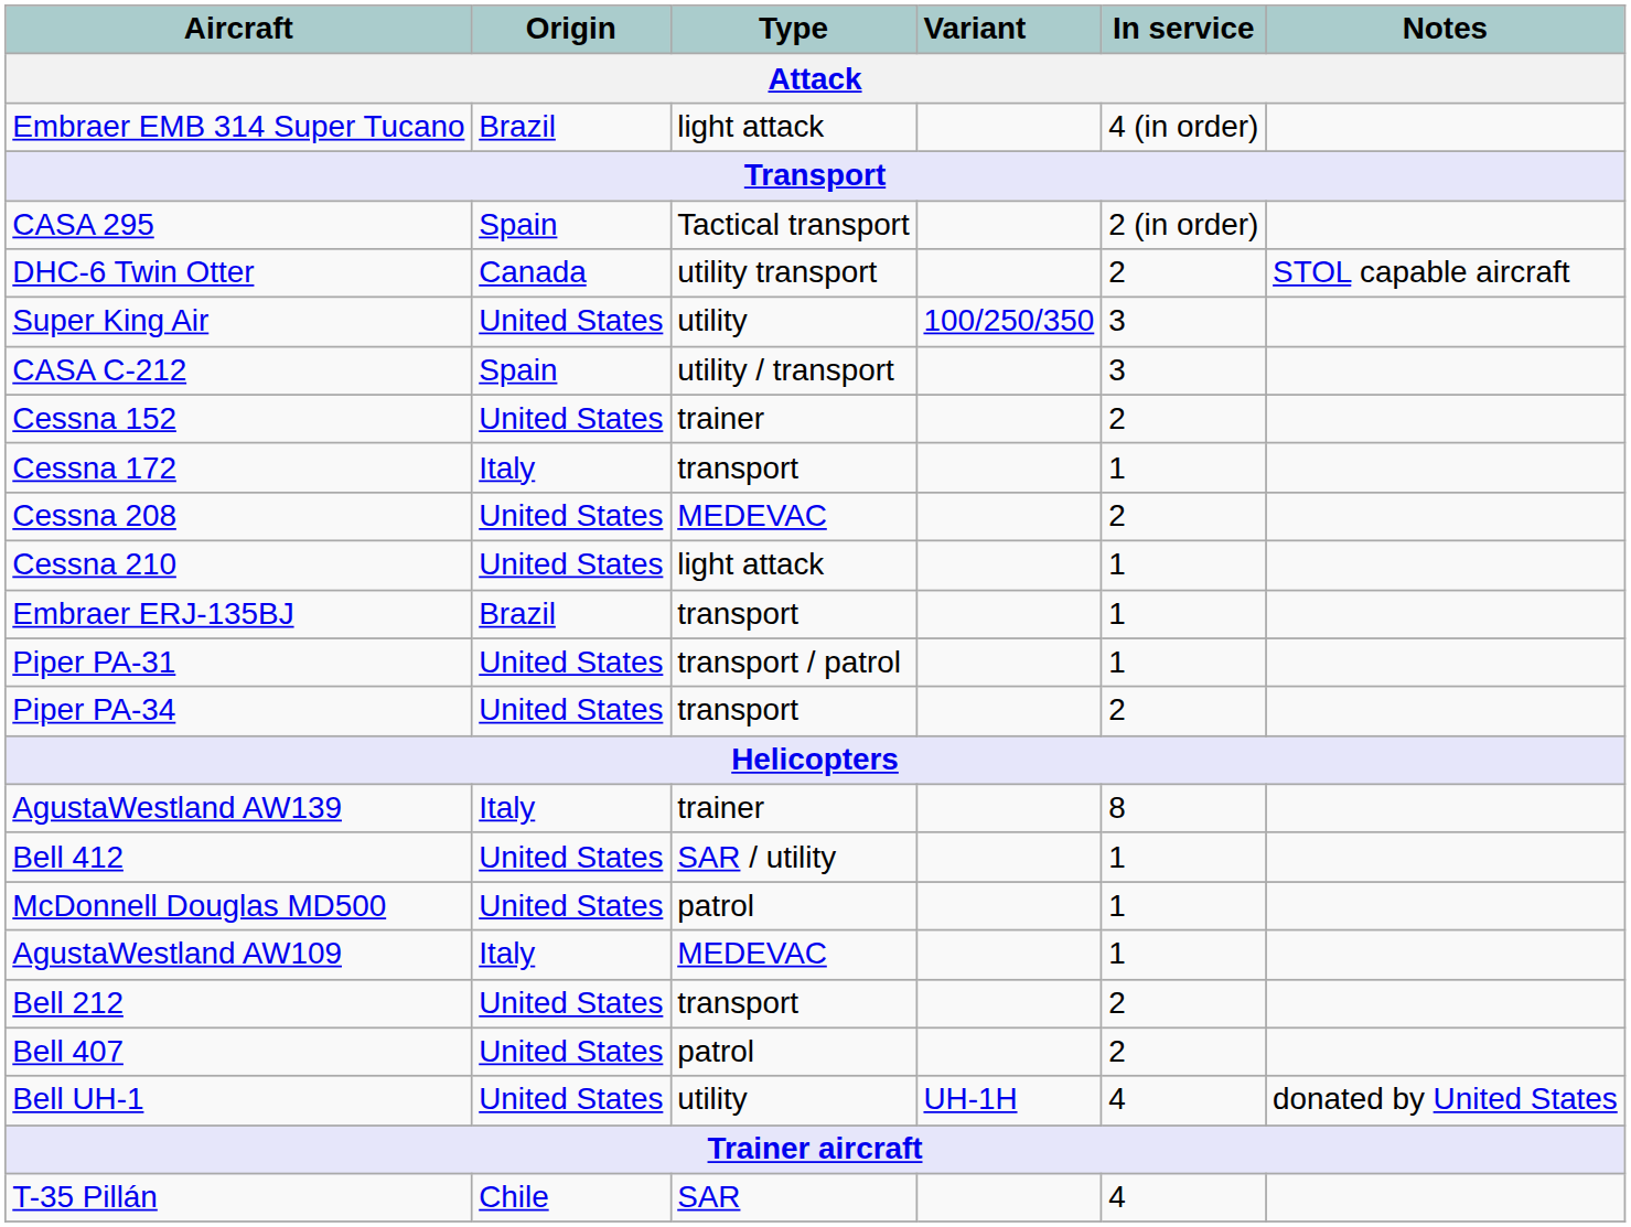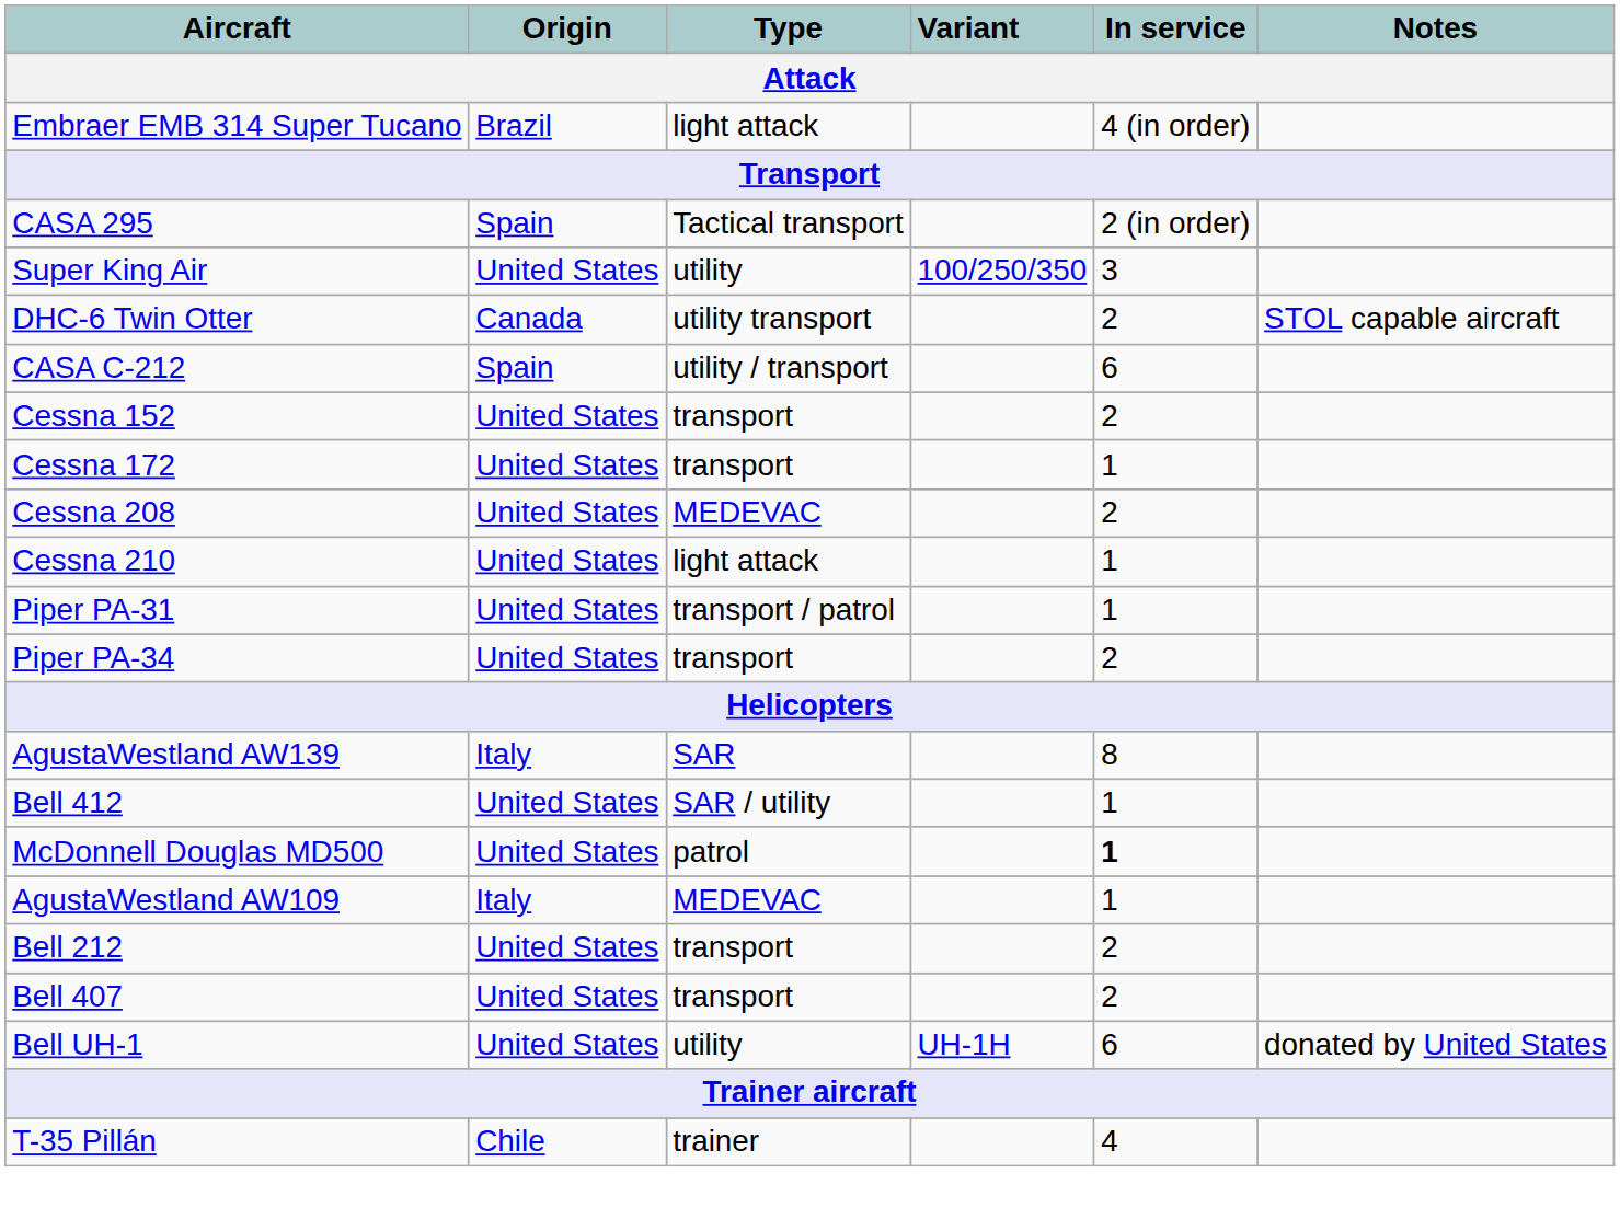 <table class="wikitable">
 <tr>
 <th style="text-align:center; background:#acc;">Aircraft</th>
 <th style="text-align: center; background:#acc;">Origin</th>
 <th style="text-align:l center; background:#acc;">Type</th>
 <th style="text-align:left; background:#acc;">Variant</th>
 <th style="text-align:center; background:#acc;">In service</th>
 <th style="text-align: center; background:#acc;">Notes</th>
 </tr>
 <tr>
 <th colspan="6"><a href='#'>Attack</a></th>
 </tr>
 <tr>
 <td><a href='#'>Embraer EMB 314 Super Tucano</a></td>
 <td><a href='#'>Brazil</a></td>
 <td>light attack</td>
 <td></td>
 <td>4 (in order) </td>
 <td></td>
 </tr>
 <tr>
 <th colspan="6" style="align: center; background: lavender;"><a href='#'>Transport</a></th>
 </tr>
 <tr>
 <td><a href='#'>CASA 295</a></td>
 <td><a href='#'>Spain</a></td>
 <td>Tactical transport</td>
 <td></td>
 <td>2 (in order)</td>
 <td></td>
 </tr>
 <tr>
+<td><a href='#'>Super King Air</a></td>
+<td><a href='#'>United States</a></td>
+<td>utility</td>
+<td><a href='#'>100/250/350</a></td>
+<td>3</td>
+<td></td>
+</tr>
+<tr>
 <td><a href='#'>DHC-6 Twin Otter</a></td>
 <td><a href='#'>Canada</a></td>
 <td>utility transport</td>
 <td></td>
 <td>2</td>
 <td><a href='#'>STOL</a> capable aircraft</td>
 </tr>
 <tr>
-<td><a href='#'>Super King Air</a></td>
-<td><a href='#'>United States</a></td>
-<td>utility</td>
-<td><a href='#'>100/250/350</a></td>
-<td>3</td>
-<td></td>
-</tr>
-<tr>
 <td><a href='#'>CASA C-212</a></td>
 <td><a href='#'>Spain</a></td>
 <td>utility / transport</td>
 <td></td>
-<td>3</td>
+<td>6</td>
 <td></td>
 </tr>
 <tr>
 <td><a href='#'>Cessna 152</a></td>
 <td><a href='#'>United States</a></td>
-<td>trainer</td>
+<td>transport</td>
 <td></td>
 <td>2</td>
 <td></td>
 </tr>
 <tr>
 <td><a href='#'>Cessna 172</a></td>
-<td><a href='#'>Italy</a></td>
+<td><a href='#'>United States</a></td>
 <td>transport</td>
 <td></td>
 <td>1</td>
 <td></td>
 </tr>
 <tr>
 <td><a href='#'>Cessna 208</a></td>
 <td><a href='#'>United States</a></td>
 <td><a href='#'>MEDEVAC</a></td>
 <td></td>
 <td>2</td>
 <td></td>
 </tr>
 <tr>
 <td><a href='#'>Cessna 210</a></td>
 <td><a href='#'>United States</a></td>
 <td>light attack</td>
-<td></td>
-<td>1</td>
-<td></td>
-</tr>
-<tr>
-<td><a href='#'>Embraer ERJ-135BJ</a></td>
-<td><a href='#'>Brazil</a></td>
-<td>transport</td>
 <td></td>
 <td>1</td>
 <td></td>
 </tr>
 <tr>
 <td><a href='#'>Piper PA-31</a></td>
 <td><a href='#'>United States</a></td>
 <td>transport / patrol</td>
 <td></td>
 <td>1</td>
 <td></td>
 </tr>
 <tr>
 <td><a href='#'>Piper PA-34</a></td>
 <td><a href='#'>United States</a></td>
 <td>transport</td>
 <td></td>
 <td>2</td>
 <td></td>
 </tr>
 <tr>
 <th colspan="6" style="align: center; background: lavender;"><a href='#'>Helicopters</a></th>
 </tr>
 <tr>
 <td><a href='#'>AgustaWestland AW139</a></td>
 <td><a href='#'>Italy</a></td>
-<td>trainer</td>
+<td><a href='#'>SAR</a></td>
 <td></td>
 <td>8</td>
 <td></td>
 </tr>
 <tr>
 <td><a href='#'>Bell 412</a></td>
 <td><a href='#'>United States</a></td>
 <td><a href='#'>SAR</a> / utility</td>
 <td></td>
 <td>1</td>
 <td></td>
 </tr>
 <tr>
 <td><a href='#'>McDonnell Douglas MD500</a></td>
 <td><a href='#'>United States</a></td>
 <td>patrol</td>
 <td></td>
-<td>1</td>
+<td><strong>1</strong></td>
 <td></td>
 </tr>
 <tr>
 <td><a href='#'>AgustaWestland AW109</a></td>
 <td><a href='#'>Italy</a></td>
 <td><a href='#'>MEDEVAC</a></td>
 <td></td>
 <td>1</td>
 <td></td>
 </tr>
 <tr>
 <td><a href='#'>Bell 212</a></td>
 <td><a href='#'>United States</a></td>
 <td>transport</td>
 <td></td>
 <td>2</td>
 <td></td>
 </tr>
 <tr>
 <td><a href='#'>Bell 407</a></td>
 <td><a href='#'>United States</a></td>
-<td>patrol</td>
+<td>transport</td>
 <td></td>
 <td>2</td>
 <td></td>
 </tr>
 <tr>
 <td><a href='#'>Bell UH-1</a></td>
 <td><a href='#'>United States</a></td>
 <td>utility</td>
 <td><a href='#'>UH-1H</a></td>
-<td>4</td>
+<td>6</td>
 <td>donated by <a href='#'>United States</a></td>
 </tr>
 <tr>
 <th colspan="6" style="align: center; background: lavender;"><a href='#'>Trainer aircraft</a></th>
 </tr>
 <tr>
 <td><a href='#'>T-35 Pillán</a></td>
 <td><a href='#'>Chile</a></td>
-<td><a href='#'>SAR</a></td>
+<td>trainer</td>
 <td></td>
 <td>4</td>
 <td></td>
 </tr>
 </table>
